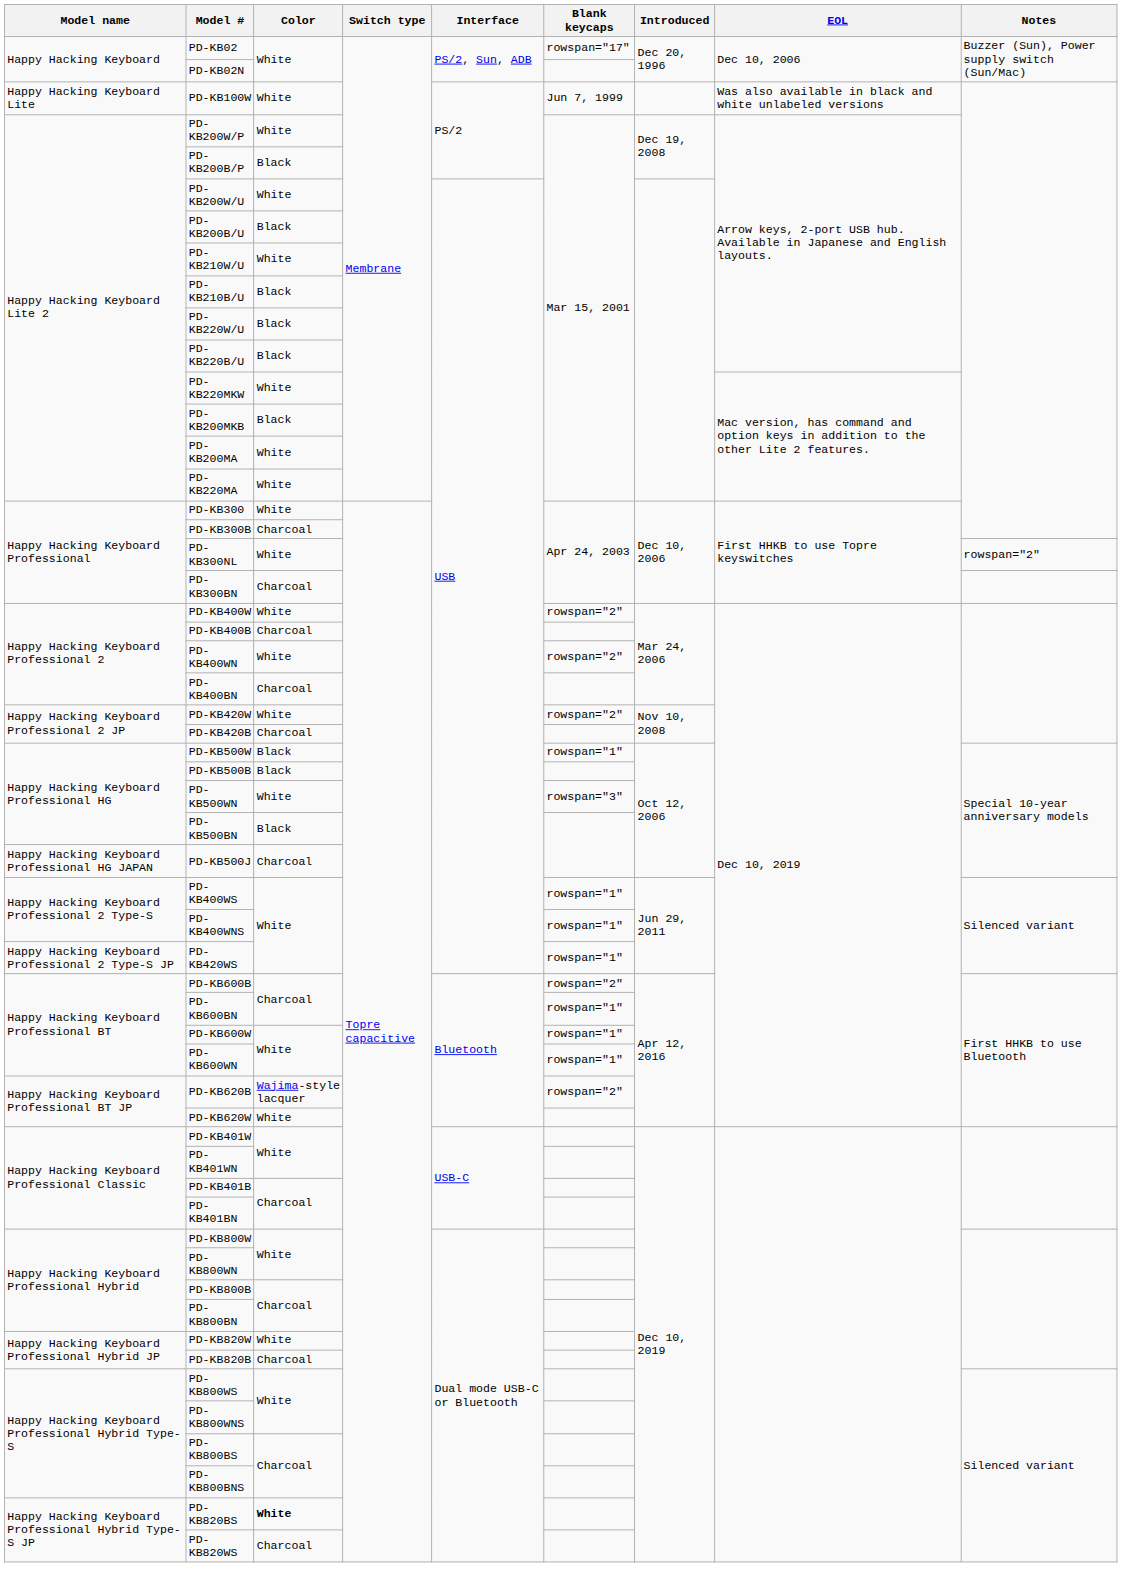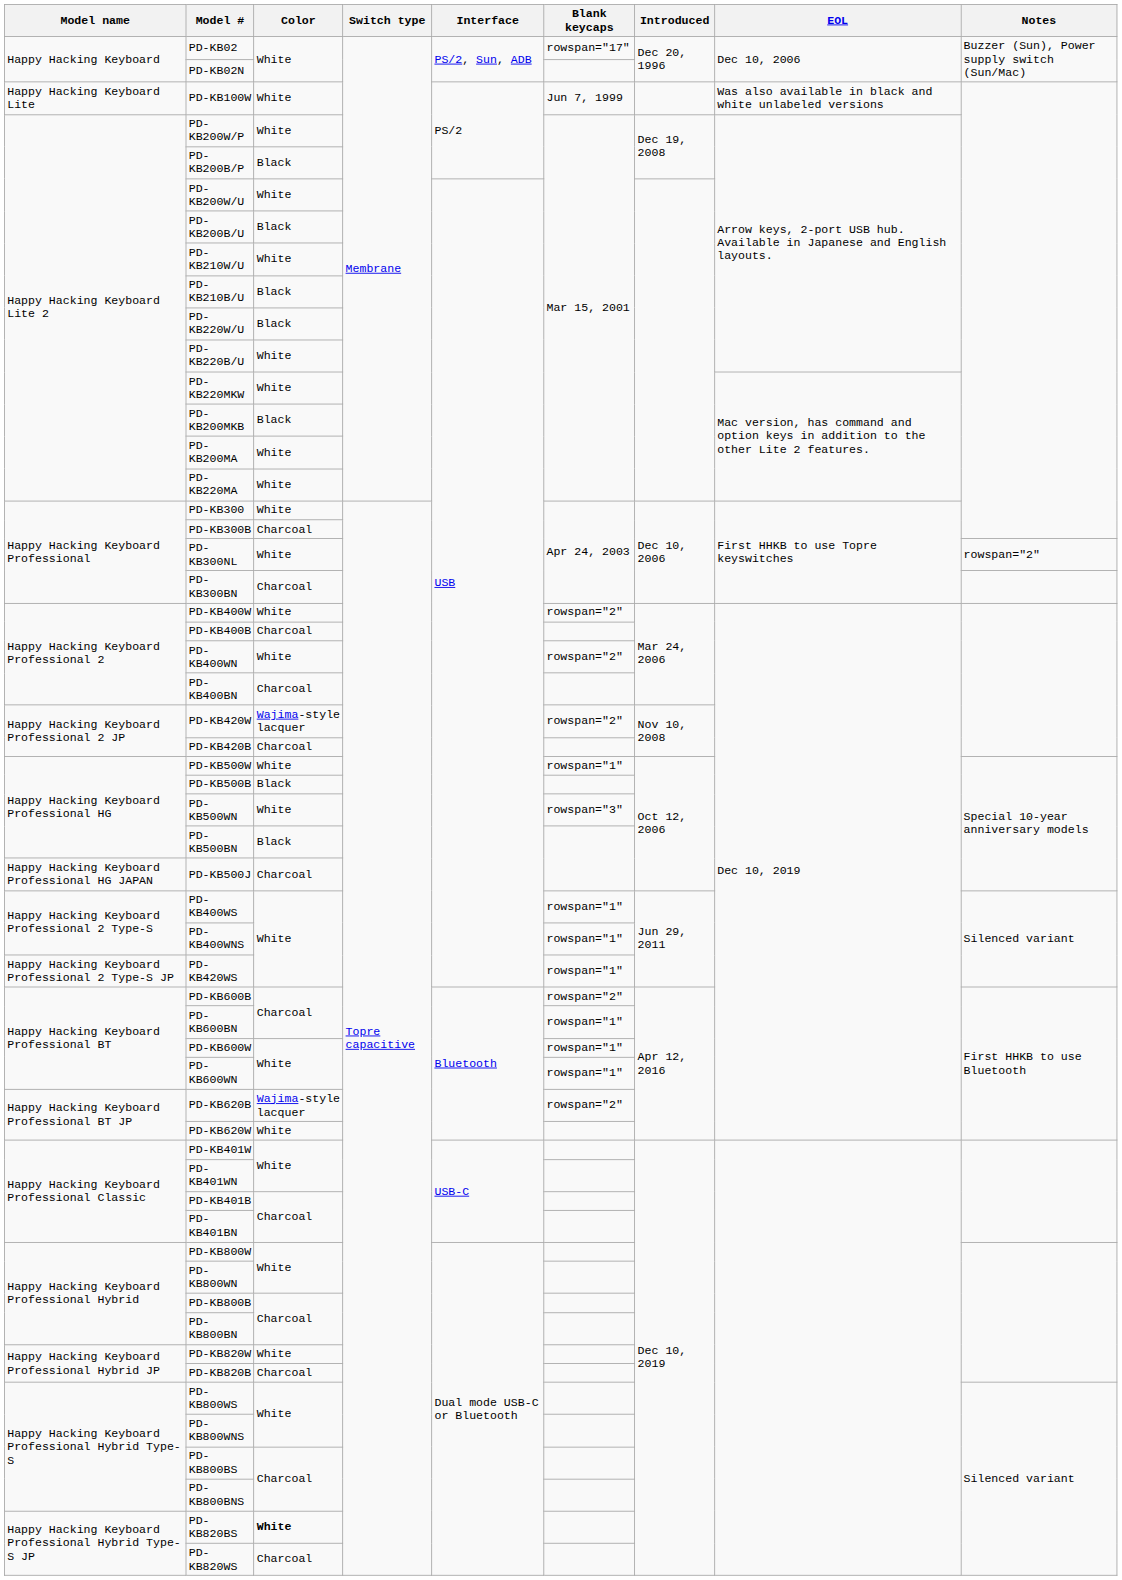 <table class="wikitable sortable">
 <tr>
 <th>Model name</th>
 <th>Model #</th>
 <th>Color</th>
 <th>Switch type</th>
 <th>Interface</th>
 <th>Blank keycaps</th>
 <th>Introduced</th>
 <th><a href='#'>EOL</a></th>
 <th>Notes</th>
 </tr>
 <tr>
 <td rowspan="2">Happy Hacking Keyboard</td>
 <td>PD-KB02</td>
 <td rowspan="2">White</td>
 <td rowspan="15"><a href='#'>Membrane</a></td>
 <td rowspan="2"><a href='#'>PS/2</a>, <a href='#'>Sun</a>, <a href='#'>ADB</a></td>
 <td>rowspan="17" </td>
 <td rowspan="2">Dec 20, 1996</td>
 <td rowspan="2">Dec 10, 2006</td>
 <td rowspan="2">Buzzer (Sun), Power supply switch (Sun/Mac)</td>
 </tr>
 <tr>
 <td>PD-KB02N</td>
 </tr>
 <tr>
 <td>Happy Hacking Keyboard Lite</td>
 <td>PD-KB100W</td>
 <td>White</td>
 <td rowspan="3">PS/2</td>
 <td>Jun 7, 1999</td>
 <td></td>
 <td>Was also available in black and white unlabeled versions</td>
 </tr>
 <tr>
 <td rowspan="12">Happy Hacking Keyboard Lite 2</td>
 <td>PD-KB200W/P</td>
 <td>White</td>
 <td rowspan="12">Mar 15, 2001</td>
 <td rowspan="2">Dec 19, 2008</td>
 <td rowspan="8">Arrow keys, 2-port USB hub. Available in Japanese and English layouts.</td>
 </tr>
 <tr>
 <td>PD-KB200B/P</td>
 <td>Black</td>
 </tr>
 <tr>
 <td>PD-KB200W/U</td>
 <td>White</td>
 <td rowspan="28"><a href='#'>USB</a></td>
 <td rowspan="10"></td>
 </tr>
 <tr>
 <td>PD-KB200B/U</td>
 <td>Black</td>
 </tr>
 <tr>
 <td>PD-KB210W/U</td>
 <td>White</td>
 </tr>
 <tr>
 <td>PD-KB210B/U</td>
 <td>Black</td>
 </tr>
 <tr>
 <td>PD-KB220W/U</td>
 <td>Black</td>
 </tr>
 <tr>
 <td>PD-KB220B/U</td>
-<td>Black</td>
+<td>White</td>
 </tr>
 <tr>
 <td>PD-KB220MKW</td>
 <td>White</td>
 <td rowspan="4">Mac version, has command and option keys in addition to the other Lite 2 features.</td>
 </tr>
 <tr>
 <td>PD-KB200MKB</td>
 <td>Black</td>
 </tr>
 <tr>
 <td>PD-KB200MA</td>
 <td>White</td>
 </tr>
 <tr>
 <td>PD-KB220MA</td>
 <td>White</td>
 </tr>
 <tr>
 <td rowspan="4">Happy Hacking Keyboard Professional</td>
 <td>PD-KB300</td>
 <td>White</td>
 <td rowspan="40"><a href='#'>Topre</a> <a href='#'>capacitive</a></td>
 <td rowspan="4">Apr 24, 2003</td>
 <td rowspan="4">Dec 10, 2006</td>
 <td rowspan="4">First HHKB to use Topre keyswitches</td>
 </tr>
 <tr>
 <td>PD-KB300B</td>
 <td>Charcoal</td>
 </tr>
 <tr>
 <td>PD-KB300NL</td>
 <td>White</td>
 <td>rowspan="2" </td>
 </tr>
 <tr>
 <td>PD-KB300BN</td>
 <td>Charcoal</td>
 </tr>
 <tr>
 <td rowspan="4">Happy Hacking Keyboard Professional 2</td>
 <td>PD-KB400W</td>
 <td>White</td>
 <td>rowspan="2" </td>
 <td rowspan="4">Mar 24, 2006</td>
 <td rowspan="20">Dec 10, 2019</td>
 <td rowspan="6"></td>
 </tr>
 <tr>
 <td>PD-KB400B</td>
 <td>Charcoal</td>
 </tr>
 <tr>
 <td>PD-KB400WN</td>
 <td>White</td>
 <td>rowspan="2" </td>
 </tr>
 <tr>
 <td>PD-KB400BN</td>
 <td>Charcoal</td>
 </tr>
 <tr>
 <td rowspan="2">Happy Hacking Keyboard Professional 2 JP</td>
 <td>PD-KB420W</td>
-<td>White</td>
+<td><a href='#'>Wajima</a>-style lacquer</td>
 <td>rowspan="2" </td>
 <td rowspan="2">Nov 10, 2008</td>
 </tr>
 <tr>
 <td>PD-KB420B</td>
 <td>Charcoal</td>
 </tr>
 <tr>
 <td rowspan="4">Happy Hacking Keyboard Professional HG</td>
 <td>PD-KB500W</td>
-<td>Black</td>
+<td>White</td>
 <td>rowspan="1" </td>
 <td rowspan="5">Oct 12, 2006</td>
 <td rowspan="5">Special 10-year anniversary models</td>
 </tr>
 <tr>
 <td>PD-KB500B</td>
 <td>Black</td>
 </tr>
 <tr>
 <td>PD-KB500WN</td>
 <td>White</td>
 <td>rowspan="3" </td>
 </tr>
 <tr>
 <td>PD-KB500BN</td>
 <td>Black</td>
 </tr>
 <tr>
 <td>Happy Hacking Keyboard Professional HG JAPAN</td>
 <td>PD-KB500J</td>
 <td>Charcoal</td>
 </tr>
 <tr>
 <td rowspan="2">Happy Hacking Keyboard Professional 2 Type-S</td>
 <td>PD-KB400WS</td>
 <td rowspan="3">White</td>
 <td>rowspan="1" </td>
 <td rowspan="3">Jun 29, 2011</td>
 <td rowspan="3">Silenced variant</td>
 </tr>
 <tr>
 <td>PD-KB400WNS</td>
 <td>rowspan="1" </td>
 </tr>
 <tr>
 <td rowspan="1">Happy Hacking Keyboard Professional 2 Type-S JP</td>
 <td>PD-KB420WS</td>
 <td>rowspan="1" </td>
 </tr>
 <tr>
 <td rowspan="4">Happy Hacking Keyboard Professional BT</td>
 <td>PD-KB600B</td>
 <td rowspan="2">Charcoal</td>
 <td rowspan="6"><a href='#'>Bluetooth</a></td>
 <td>rowspan="2" </td>
 <td rowspan="6">Apr 12, 2016</td>
 <td rowspan="6">First HHKB to use Bluetooth</td>
 </tr>
 <tr>
 <td>PD-KB600BN</td>
 <td>rowspan="1" </td>
 </tr>
 <tr>
 <td>PD-KB600W</td>
 <td rowspan="2">White</td>
 <td>rowspan="1" </td>
 </tr>
 <tr>
 <td>PD-KB600WN</td>
 <td>rowspan="1" </td>
 </tr>
 <tr>
 <td rowspan="2">Happy Hacking Keyboard Professional BT JP</td>
 <td>PD-KB620B</td>
 <td><a href='#'>Wajima</a>-style lacquer</td>
 <td>rowspan="2" </td>
 </tr>
 <tr>
 <td>PD-KB620W</td>
 <td>White</td>
 </tr>
 <tr>
 <td rowspan="4">Happy Hacking Keyboard Professional Classic</td>
 <td>PD-KB401W</td>
 <td rowspan="2">White</td>
 <td rowspan="4"><a href='#'>USB-C</a></td>
 <td></td>
 <td rowspan="16">Dec 10, 2019</td>
 <td rowspan="16"></td>
 <td rowspan="4"></td>
 </tr>
 <tr>
 <td>PD-KB401WN</td>
 <td></td>
 </tr>
 <tr>
 <td>PD-KB401B</td>
 <td rowspan="2">Charcoal</td>
 <td></td>
 </tr>
 <tr>
 <td>PD-KB401BN</td>
 <td></td>
 </tr>
 <tr>
 <td rowspan="4">Happy Hacking Keyboard Professional Hybrid</td>
 <td>PD-KB800W</td>
 <td rowspan="2">White</td>
 <td rowspan="12">Dual mode USB-C or Bluetooth</td>
 <td></td>
 <td rowspan="6"></td>
 </tr>
 <tr>
 <td>PD-KB800WN</td>
 <td></td>
 </tr>
 <tr>
 <td>PD-KB800B</td>
 <td rowspan="2">Charcoal</td>
 <td></td>
 </tr>
 <tr>
 <td>PD-KB800BN</td>
 <td></td>
 </tr>
 <tr>
 <td rowspan="2">Happy Hacking Keyboard Professional Hybrid JP</td>
 <td>PD-KB820W</td>
 <td>White</td>
 <td></td>
 </tr>
 <tr>
 <td>PD-KB820B</td>
 <td>Charcoal</td>
 <td></td>
 </tr>
 <tr>
 <td rowspan="4">Happy Hacking Keyboard Professional Hybrid Type-S</td>
 <td>PD-KB800WS</td>
 <td rowspan="2">White</td>
 <td></td>
 <td rowspan="6">Silenced variant</td>
 </tr>
 <tr>
 <td>PD-KB800WNS</td>
 <td></td>
 </tr>
 <tr>
 <td>PD-KB800BS</td>
 <td rowspan="2">Charcoal</td>
 <td></td>
 </tr>
 <tr>
 <td>PD-KB800BNS</td>
 <td></td>
 </tr>
 <tr>
 <td rowspan="2">Happy Hacking Keyboard Professional Hybrid Type-S JP</td>
 <td>PD-KB820BS</td>
 <td><strong>White</strong></td>
 <td></td>
 </tr>
 <tr>
 <td>PD-KB820WS</td>
 <td>Charcoal</td>
 <td></td>
 </tr>
 </table>
